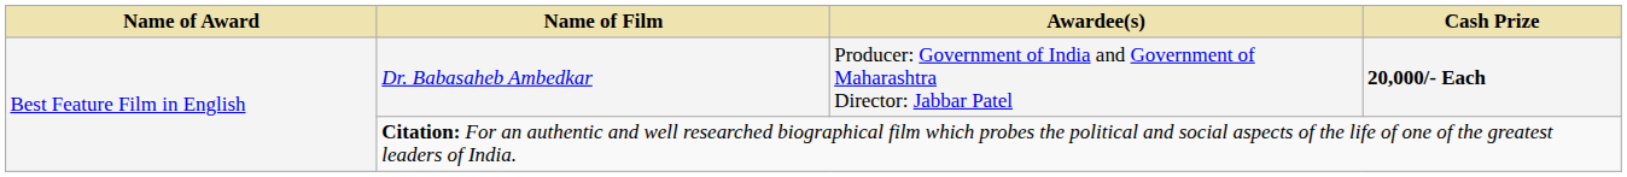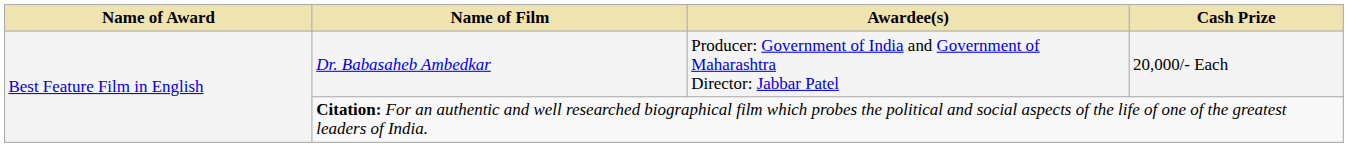 <table class="wikitable" style="width:100%">
 <tr>
 <th style="background-color:#EFE4B0;width:23%;">Name of Award</th>
 <th style="background-color:#EFE4B0;width:28%;">Name of Film</th>
 <th style="background-color:#EFE4B0;width:33%;">Awardee(s)</th>
 <th style="background-color:#EFE4B0;width:16%;">Cash Prize</th>
 </tr>
 <tr style="background-color:#F4F4F4">
 <td rowspan="2"><a href='#'>Best Feature Film in English</a></td>
 <td><em><a href='#'>Dr. Babasaheb Ambedkar</a></em></td>
 <td>Producer: <a href='#'>Government of India</a> and <a href='#'>Government of Maharashtra</a><br>Director: <a href='#'>Jabbar Patel</a></td>
-<td><strong> 20,000/- Each</strong></td>
+<td> 20,000/- Each</td>
 </tr>
 <tr style="background-color:#F9F9F9">
 <td colspan="3"><strong>Citation:</strong> <em>For an authentic and well researched biographical film which probes the political and social aspects of the life of one of the greatest leaders of India.</em></td>
 </tr>
 </table>
